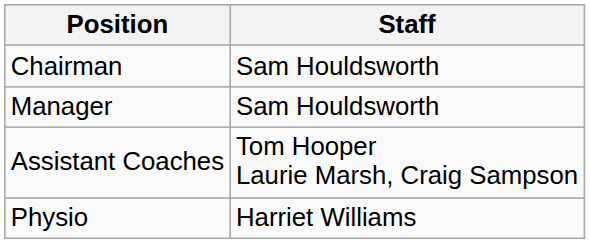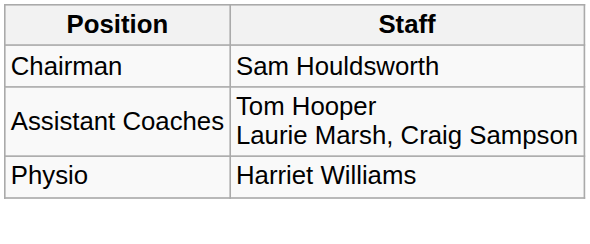 <table class=wikitable>
 <tr>
 <th style="color:red background:black">Position</th>
 <th style="color:red background:black">Staff</th>
 </tr>
 <tr>
 <td>Chairman</td>
-<td>Sam Houldsworth</td>
-</tr>
-<tr>
-<td>Manager</td>
 <td>Sam Houldsworth</td>
 </tr>
 <tr>
 <td>Assistant Coaches</td>
 <td>Tom Hooper<br>Laurie Marsh, Craig Sampson</td>
 </tr>
 <tr>
 <td>Physio</td>
 <td>Harriet Williams</td>
 </tr>
 </table>
